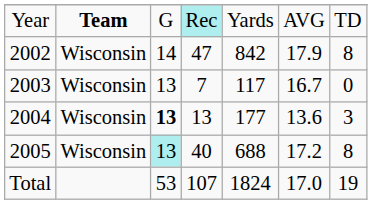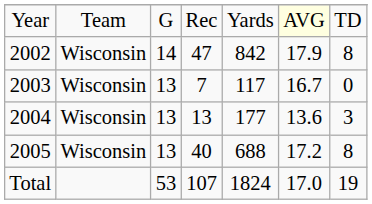 <table class="wikitable">
 <tr>
 </tr>
 <tr align=center>
 <td>Year</td>
-<td><strong>Team</strong></td>
+<td>Team</td>
 <td>G</td>
-<td style="background: paleturquoise;">Rec</td>
+<td>Rec</td>
 <td>Yards</td>
-<td>AVG</td>
+<td style="background: lightyellow;">AVG</td>
 <td>TD</td>
 </tr>
 <tr align=center>
 <td>2002</td>
 <td>Wisconsin</td>
 <td>14</td>
 <td>47</td>
 <td>842</td>
 <td>17.9</td>
 <td>8</td>
 </tr>
 <tr align=center>
 <td>2003</td>
 <td>Wisconsin</td>
 <td>13</td>
 <td>7</td>
 <td>117</td>
 <td>16.7</td>
 <td>0</td>
 </tr>
 <tr align=center>
 <td>2004</td>
 <td>Wisconsin</td>
-<td><strong>13</strong></td>
+<td>13</td>
 <td>13</td>
 <td>177</td>
 <td>13.6</td>
 <td>3</td>
 </tr>
 <tr align=center>
 <td>2005</td>
 <td>Wisconsin</td>
-<td style="background: paleturquoise;">13</td>
+<td>13</td>
 <td>40</td>
 <td>688</td>
 <td>17.2</td>
 <td>8</td>
 </tr>
 <tr align=center>
 <td>Total</td>
 <td></td>
 <td>53</td>
 <td>107</td>
 <td>1824</td>
 <td>17.0</td>
 <td>19</td>
 </tr>
 </table>
